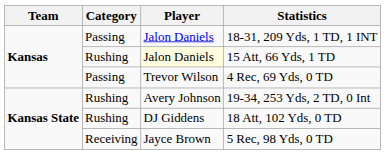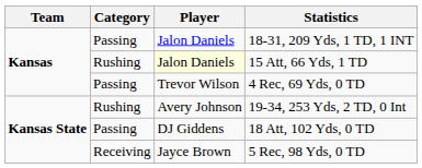 <table class="wikitable" style="float: right;">
 <tr>
 <th>Team</th>
 <th>Category</th>
 <th>Player</th>
 <th>Statistics</th>
 </tr>
 <tr>
 <td rowspan=3><strong>Kansas</strong></td>
 <td>Passing</td>
 <td><a href='#'>Jalon Daniels</a></td>
 <td>18-31, 209 Yds, 1 TD, 1 INT</td>
 </tr>
 <tr>
 <td>Rushing</td>
 <td style="background: lightyellow;">Jalon Daniels</td>
 <td>15 Att, 66 Yds, 1 TD</td>
 </tr>
 <tr>
 <td>Passing</td>
 <td>Trevor Wilson</td>
 <td>4 Rec, 69 Yds, 0 TD</td>
 </tr>
 <tr>
 <td rowspan=3><strong>Kansas State</strong></td>
 <td>Rushing</td>
 <td>Avery Johnson</td>
 <td>19-34, 253 Yds, 2 TD, 0 Int</td>
 </tr>
 <tr>
-<td>Rushing</td>
+<td>Passing</td>
 <td>DJ Giddens</td>
 <td>18 Att, 102 Yds, 0 TD</td>
 </tr>
 <tr>
 <td>Receiving</td>
 <td>Jayce Brown</td>
 <td>5 Rec, 98 Yds, 0 TD</td>
 </tr>
 </table>
